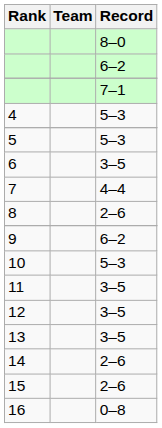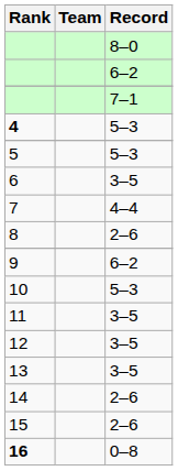 <table class="wikitable">
 <tr>
 <th>Rank</th>
 <th>Team</th>
 <th>Record</th>
 </tr>
 <tr bgcolor=ccffcc>
 <td></td>
 <td></td>
 <td>8–0</td>
 </tr>
 <tr bgcolor=ccffcc>
 <td></td>
 <td></td>
 <td>6–2</td>
 </tr>
 <tr>
 </tr>
 <tr bgcolor=ccffcc>
 <td></td>
 <td></td>
 <td>7–1</td>
 </tr>
 <tr>
-<td>4</td>
+<td><strong>4</strong></td>
 <td></td>
 <td>5–3</td>
 </tr>
 <tr>
 </tr>
 <tr>
 <td>5</td>
 <td></td>
 <td>5–3</td>
 </tr>
 <tr>
 <td>6</td>
 <td></td>
 <td>3–5</td>
 </tr>
 <tr>
 <td>7</td>
 <td></td>
 <td>4–4</td>
 </tr>
 <tr>
 <td>8</td>
 <td></td>
 <td>2–6</td>
 </tr>
 <tr>
 </tr>
 <tr>
 <td>9</td>
 <td></td>
 <td>6–2</td>
 </tr>
 <tr>
 <td>10</td>
 <td></td>
 <td>5–3</td>
 </tr>
 <tr>
 <td>11</td>
 <td></td>
 <td>3–5</td>
 </tr>
 <tr>
 <td>12</td>
 <td></td>
 <td>3–5</td>
 </tr>
 <tr>
 <td>13</td>
 <td></td>
 <td>3–5</td>
 </tr>
 <tr>
 <td>14</td>
 <td></td>
 <td>2–6</td>
 </tr>
 <tr>
 <td>15</td>
 <td></td>
 <td>2–6</td>
 </tr>
 <tr>
-<td>16</td>
+<td><strong>16</strong></td>
 <td></td>
 <td>0–8</td>
 </tr>
 </table>
